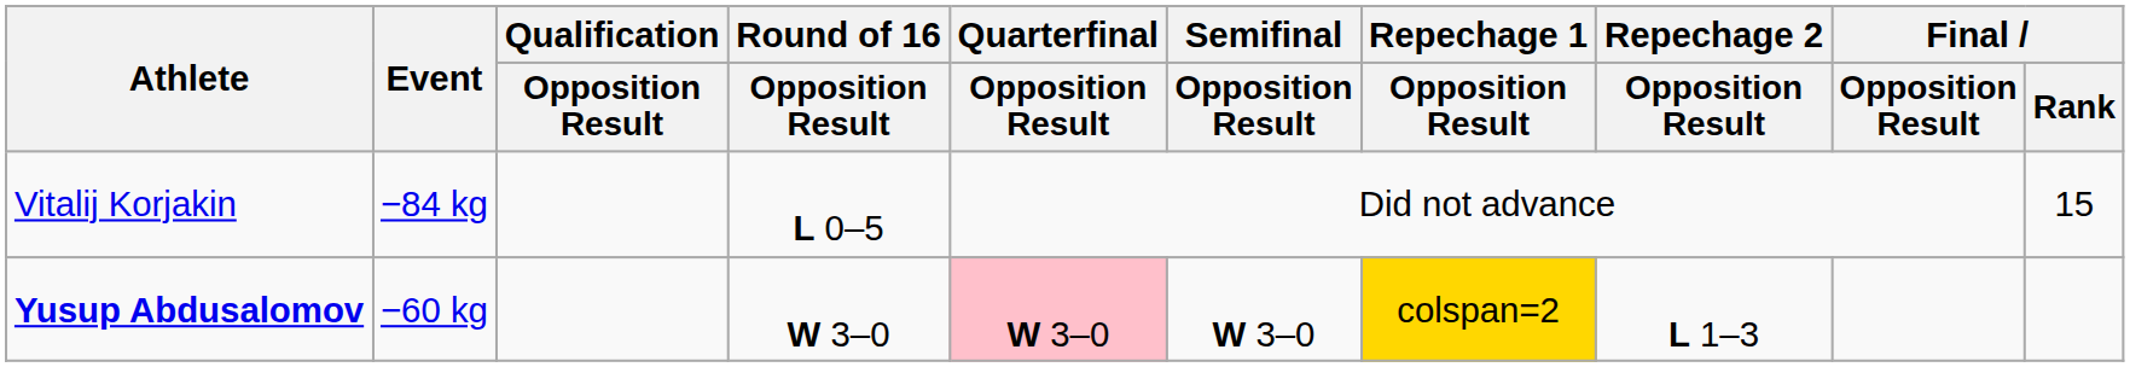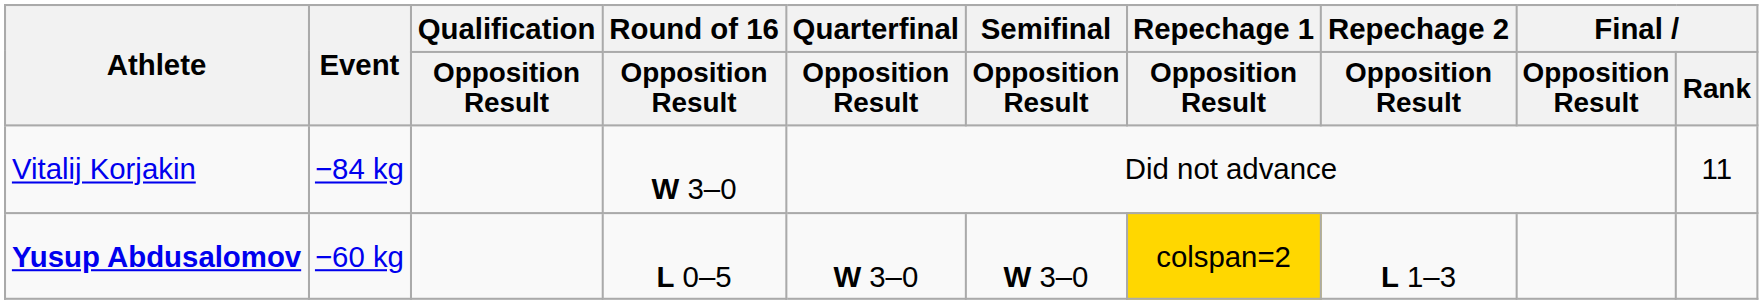 <table class="wikitable" style="font-size:90%">
 <tr>
 <th rowspan="2">Athlete</th>
 <th rowspan="2">Event</th>
 <th>Qualification</th>
 <th>Round of 16</th>
 <th>Quarterfinal</th>
 <th>Semifinal</th>
 <th>Repechage 1</th>
 <th>Repechage 2</th>
 <th colspan=2>Final / </th>
 </tr>
 <tr style="font-size: 95%">
 <th>Opposition<br>Result</th>
 <th>Opposition<br>Result</th>
 <th>Opposition<br>Result</th>
 <th>Opposition<br>Result</th>
 <th>Opposition<br>Result</th>
 <th>Opposition<br>Result</th>
 <th>Opposition<br>Result</th>
 <th>Rank</th>
 </tr>
 <tr align=center>
 <td align=left><a href='#'>Vitalij Korjakin</a></td>
 <td><a href='#'>−84 kg</a></td>
 <td></td>
-<td><br><strong>L</strong> 0–5 <sup></sup></td>
+<td><br><strong>W</strong> 3–0 <sup></sup></td>
 <td colspan=5>Did not advance</td>
-<td>15</td>
+<td>11</td>
 </tr>
 <tr align=center>
 <td align=left><strong><a href='#'>Yusup Abdusalomov</a></strong></td>
 <td align=left><a href='#'>−60 kg</a></td>
 <td></td>
+<td><br><strong>L</strong> 0–5 <sup></sup></td>
 <td><br><strong>W</strong> 3–0 <sup></sup></td>
-<td style="background: pink;"><br><strong>W</strong> 3–0 <sup></sup></td>
 <td><br><strong>W</strong> 3–0 <sup></sup></td>
 <td style="background: gold;">colspan=2 </td>
 <td><br><strong>L</strong> 1–3 <sup></sup></td>
 <td></td>
 </tr>
 </table>
